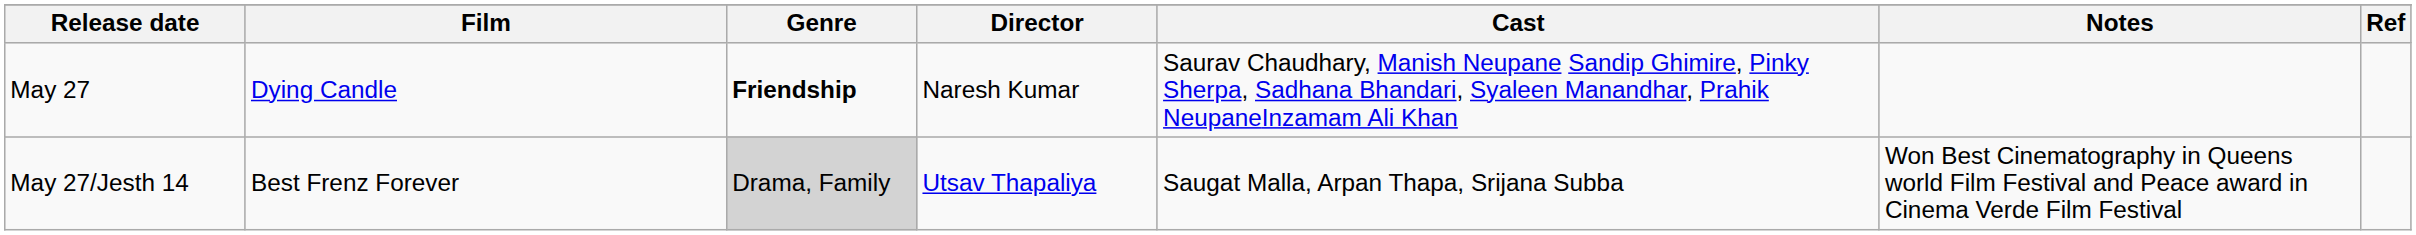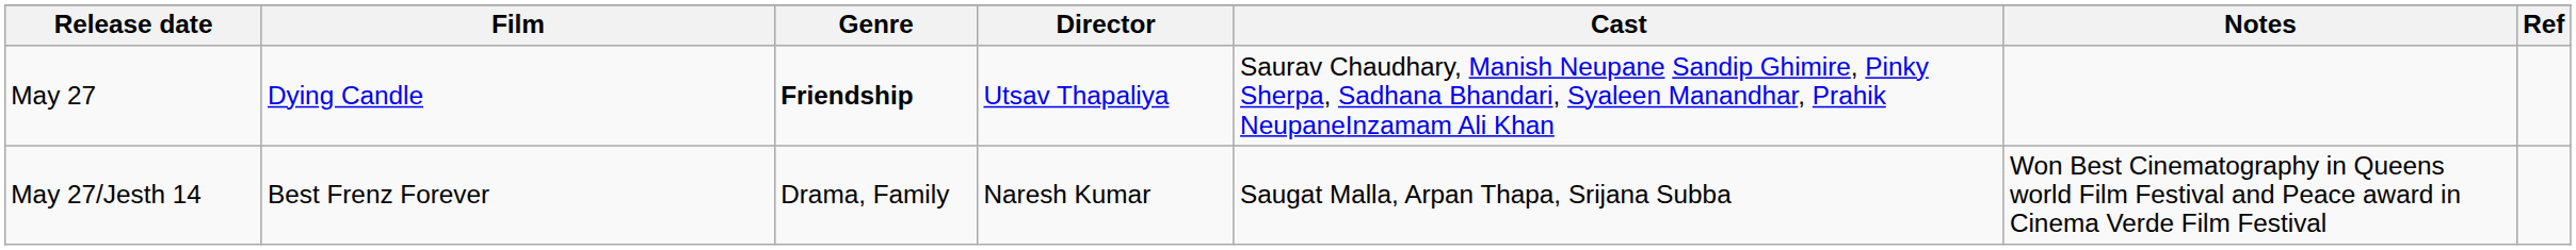 <table class="wikitable sortable" style="width:100%">
 <tr shor>
 </tr>
 <tr>
 <th style="width:10%;">Release date</th>
 <th style="width:20%;">Film</th>
 <th !style="width:10%;">Genre</th>
 <th style="width:10%;">Director</th>
 <th style="width:30%;">Cast</th>
 <th style="width:20%;">Notes</th>
 <th style="width:2%;">Ref</th>
 </tr>
 <tr>
 <td>May 27</td>
 <td><a href='#'>Dying Candle</a></td>
 <td><strong>Friendship</strong></td>
-<td>Naresh Kumar</td>
+<td><a href='#'>Utsav Thapaliya</a></td>
 <td>Saurav Chaudhary, <a href='#'>Manish Neupane</a> <a href='#'>Sandip Ghimire</a>, <a href='#'>Pinky Sherpa</a>, <a href='#'>Sadhana Bhandari</a>, <a href='#'>Syaleen Manandhar</a>, <a href='#'>Prahik Neupane</a><a href='#'>Inzamam Ali Khan</a></td>
 <td></td>
 <td></td>
 </tr>
 <tr>
 <td>May 27/Jesth 14</td>
 <td>Best Frenz Forever</td>
-<td style="background: lightgrey;">Drama, Family</td>
-<td><a href='#'>Utsav Thapaliya</a></td>
+<td>Drama, Family</td>
+<td>Naresh Kumar</td>
 <td>Saugat Malla, Arpan Thapa, Srijana Subba</td>
 <td>Won Best Cinematography in Queens world Film Festival and Peace award in Cinema Verde Film Festival</td>
 <td></td>
 </tr>
 </table>
